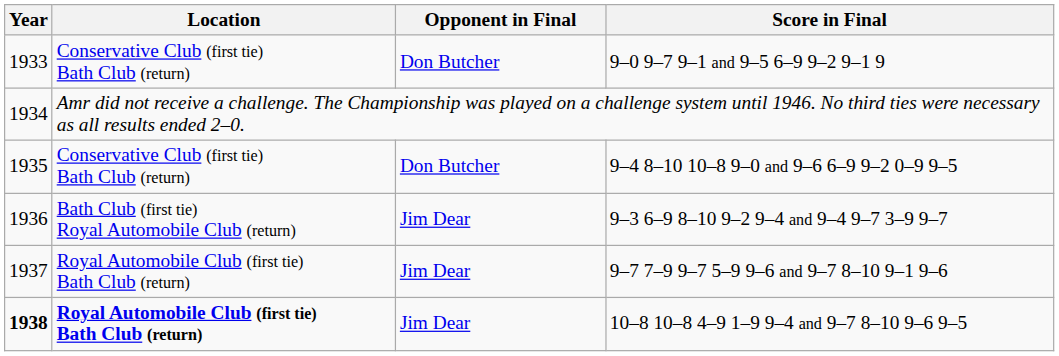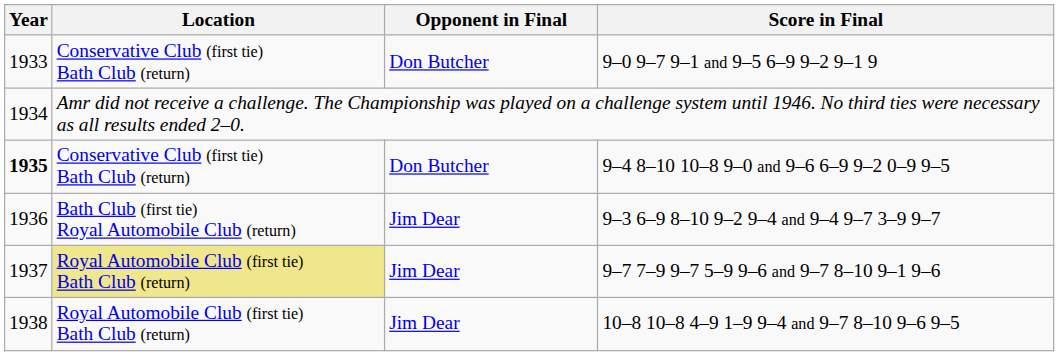 <table class="wikitable">
 <tr>
 <th>Year</th>
 <th>Location</th>
 <th>Opponent in Final</th>
 <th>Score in Final</th>
 </tr>
 <tr>
 <td>1933</td>
 <td><a href='#'>Conservative Club</a> <small>(first tie)</small><br><a href='#'>Bath Club</a> <small>(return)</small></td>
 <td><a href='#'>Don Butcher</a></td>
 <td>9–0 9–7 9–1 <small>and</small> 9–5 6–9 9–2 9–1 9</td>
 </tr>
 <tr>
 <td>1934</td>
 <td colspan=3><em>Amr did not receive a challenge. The Championship was played on a challenge system until 1946. No third ties were necessary as all results ended 2–0.</em></td>
 </tr>
 <tr>
-<td>1935</td>
+<td><strong>1935</strong></td>
 <td><a href='#'>Conservative Club</a> <small>(first tie)</small><br><a href='#'>Bath Club</a> <small>(return)</small></td>
 <td><a href='#'>Don Butcher</a></td>
 <td>9–4 8–10 10–8 9–0 <small>and</small> 9–6 6–9 9–2 0–9 9–5</td>
 </tr>
 <tr>
 <td>1936</td>
 <td><a href='#'>Bath Club</a> <small>(first tie)</small><br><a href='#'>Royal Automobile Club</a> <small>(return)</small></td>
 <td><a href='#'>Jim Dear</a></td>
 <td>9–3 6–9 8–10 9–2 9–4 <small>and</small> 9–4 9–7 3–9 9–7</td>
 </tr>
 <tr>
 <td>1937</td>
-<td><a href='#'>Royal Automobile Club</a> <small>(first tie)</small><br><a href='#'>Bath Club</a> <small>(return)</small></td>
+<td style="background: khaki;"><a href='#'>Royal Automobile Club</a> <small>(first tie)</small><br><a href='#'>Bath Club</a> <small>(return)</small></td>
 <td><a href='#'>Jim Dear</a></td>
 <td>9–7 7–9 9–7 5–9 9–6 <small>and</small> 9–7 8–10 9–1 9–6</td>
 </tr>
 <tr>
-<td><strong>1938</strong></td>
-<td><strong><a href='#'>Royal Automobile Club</a> <small>(first tie)</small><br><a href='#'>Bath Club</a> <small>(return)</small></strong></td>
+<td>1938</td>
+<td><a href='#'>Royal Automobile Club</a> <small>(first tie)</small><br><a href='#'>Bath Club</a> <small>(return)</small></td>
 <td><a href='#'>Jim Dear</a></td>
 <td>10–8 10–8 4–9 1–9 9–4 <small>and</small> 9–7 8–10 9–6 9–5</td>
 </tr>
 </table>
